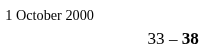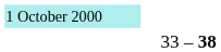 <table style="text-align:center" width=400>
 <tr>
 <th width=15%></th>
 <th width=10%></th>
 <th width=15%></th>
 <th width=10%></th>
 </tr>
 <tr align="left">
-<td><small>1 October 2000</small></td>
+<td style="background: paleturquoise;"><small>1 October 2000</small></td>
 </tr>
 <tr>
 <td align="right"></td>
 <td>33 – <strong>38</strong></td>
 <td align="left"><strong></strong></td>
 <td></td>
 </tr>
 </table>
